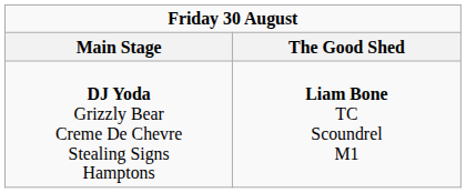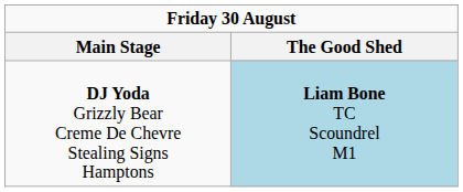 <table class="wikitable">
 <tr>
 <td colspan="2" style="text-align:center;"><strong>Friday 30 August</strong></td>
 </tr>
 <tr>
 <th>Main Stage</th>
 <th>The Good Shed</th>
 </tr>
 <tr>
 <td style="text-align:center; vertical-align:top; width:200px;"><br><strong>DJ Yoda</strong> <br>Grizzly Bear <br>Creme De Chevre <br>Stealing Signs <br>Hamptons</td>
-<td style="text-align:center; vertical-align:top; width:200px;"><br><strong>Liam Bone</strong> <br>TC <br>Scoundrel <br>M1</td>
+<td style="background: lightblue; text-align:center; vertical-align:top; width:200px;"><br><strong>Liam Bone</strong> <br>TC <br>Scoundrel <br>M1</td>
 </tr>
 </table>
